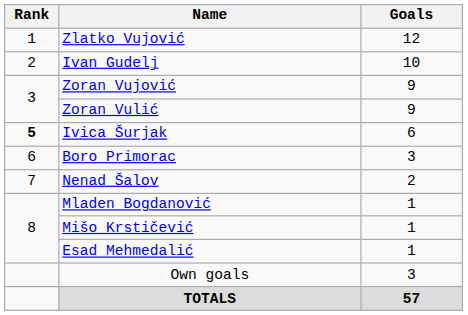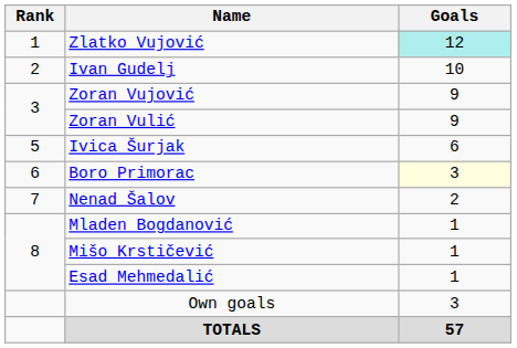 <table class="wikitable" style="font-size: 95%; text-align: center;">
 <tr>
 <th width=40>Rank</th>
 <th width=250>Name</th>
 <th width=80>Goals</th>
 </tr>
 <tr>
 <td rowspan=1>1</td>
 <td style="text-align:left;"> <a href='#'>Zlatko Vujović</a></td>
-<td>12</td>
+<td style="background: paleturquoise;">12</td>
 </tr>
 <tr>
 <td rowspan=1>2</td>
 <td style="text-align:left;"> <a href='#'>Ivan Gudelj</a></td>
 <td>10</td>
 </tr>
 <tr>
 <td rowspan=2>3</td>
 <td style="text-align:left;"> <a href='#'>Zoran Vujović</a></td>
 <td>9</td>
 </tr>
 <tr>
 <td style="text-align:left;"> <a href='#'>Zoran Vulić</a></td>
 <td>9</td>
 </tr>
 <tr>
-<td rowspan=1><strong>5</strong></td>
+<td rowspan=1>5</td>
 <td style="text-align:left;"> <a href='#'>Ivica Šurjak</a></td>
 <td>6</td>
 </tr>
 <tr>
 <td rowspan=1>6</td>
 <td style="text-align:left;"> <a href='#'>Boro Primorac</a></td>
-<td>3</td>
+<td style="background: lightyellow;">3</td>
 </tr>
 <tr>
 <td rowspan=1>7</td>
 <td style="text-align:left;"> <a href='#'>Nenad Šalov</a></td>
 <td>2</td>
 </tr>
 <tr>
 <td rowspan=3>8</td>
 <td style="text-align:left;"> <a href='#'>Mladen Bogdanović</a></td>
 <td>1</td>
 </tr>
 <tr>
 <td style="text-align:left;"> <a href='#'>Mišo Krstičević</a></td>
 <td>1</td>
 </tr>
 <tr>
 <td style="text-align:left;"> <a href='#'>Esad Mehmedalić</a></td>
 <td>1</td>
 </tr>
 <tr>
 <td></td>
 <td style="text-align:center;">Own goals</td>
 <td>3</td>
 </tr>
 <tr>
 <td></td>
 <th style="background: #DCDCDC">TOTALS</th>
 <th style="background: #DCDCDC">57</th>
 </tr>
 </table>
